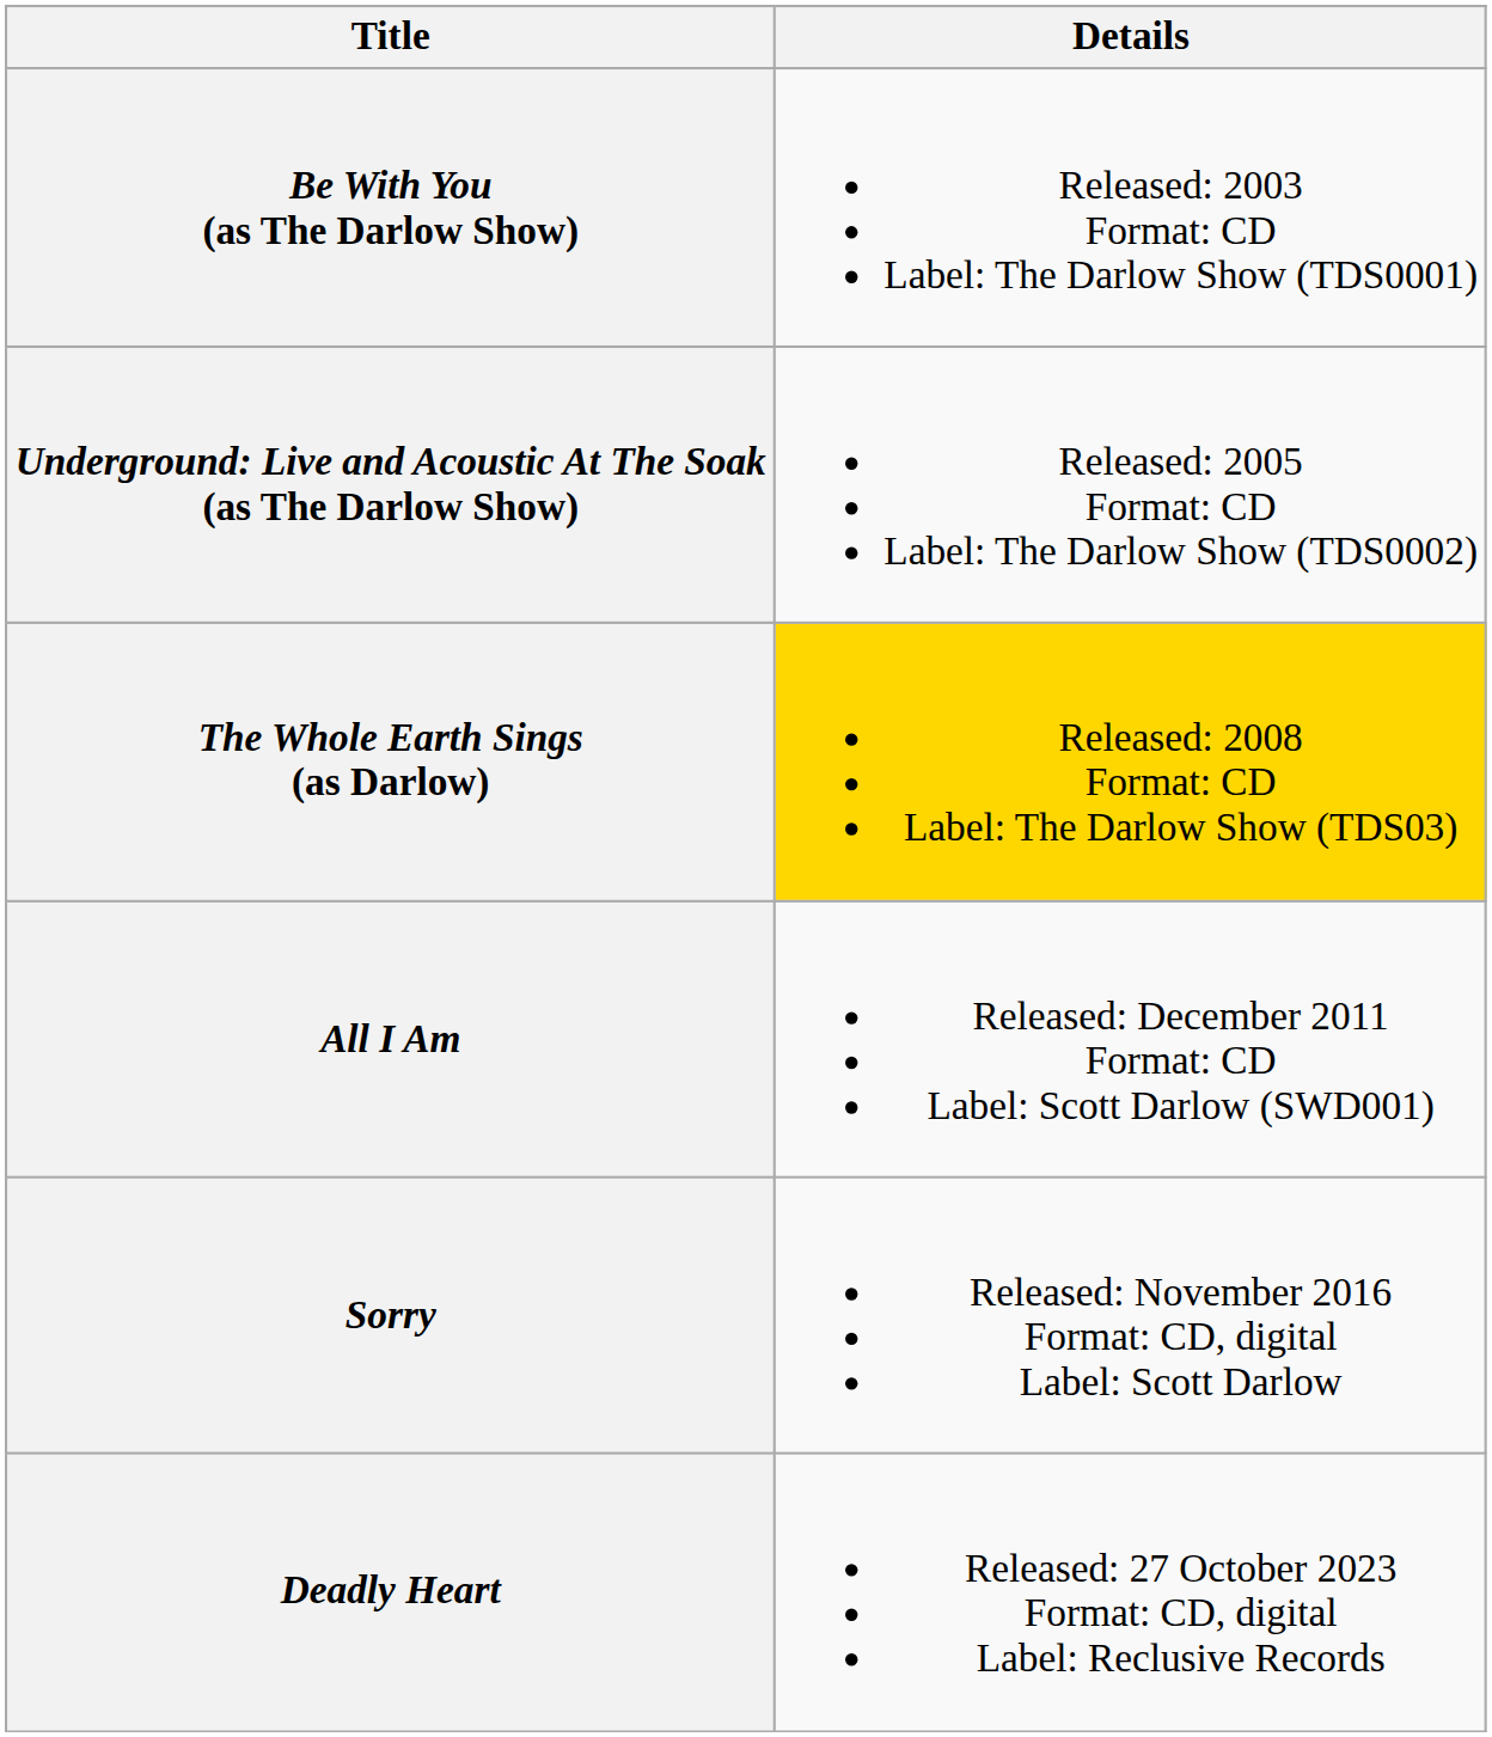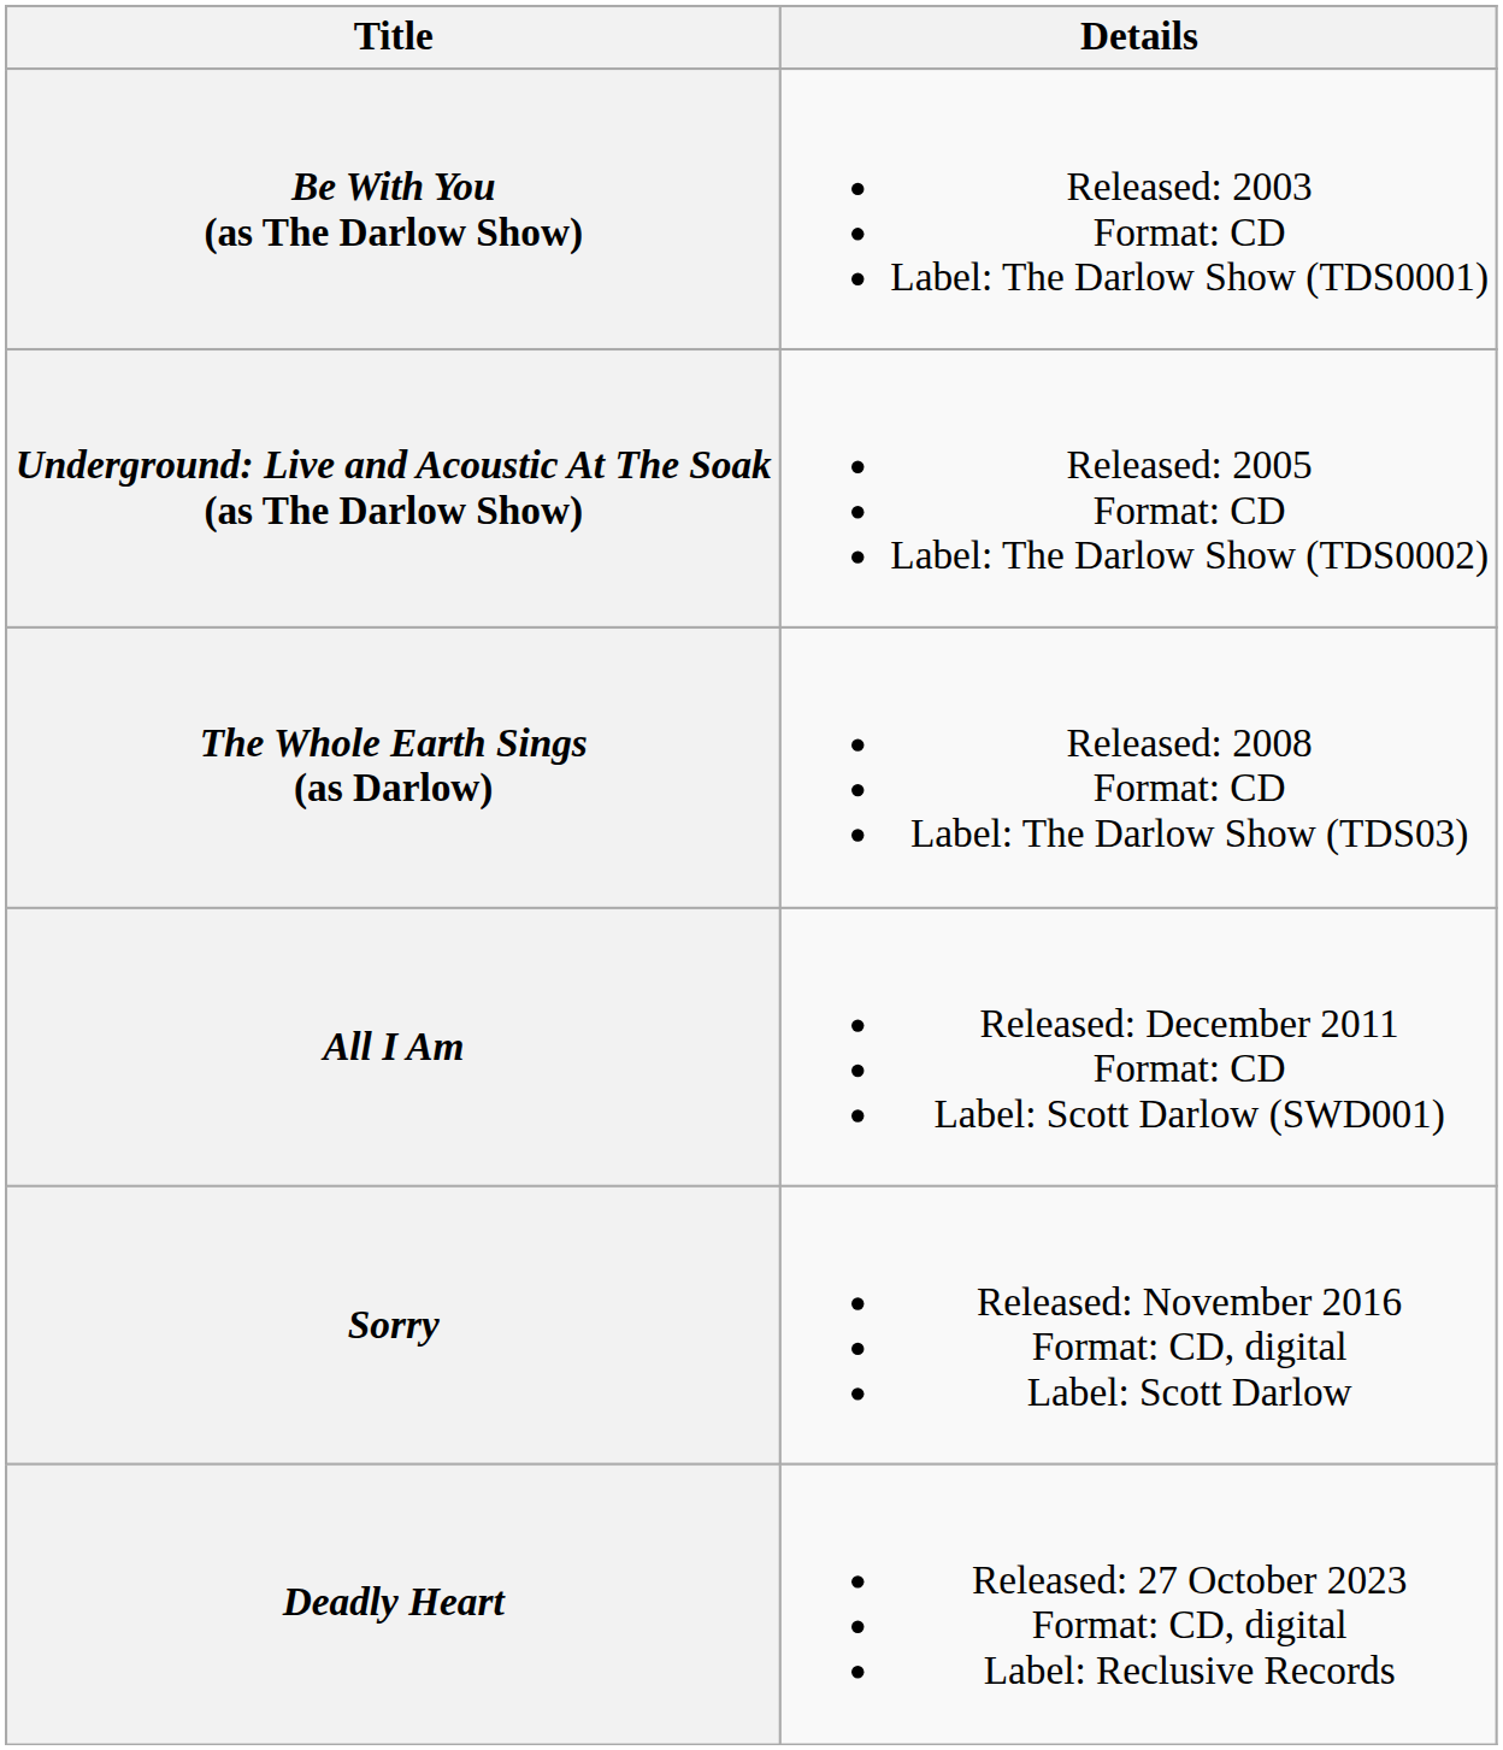 <table class="wikitable plainrowheaders" style="text-align:center;" border="1">
 <tr>
 <th>Title</th>
 <th>Details</th>
 </tr>
 <tr>
 <th scope="row"><em>Be With You</em> <br>(as The Darlow Show)</th>
 <td><br><ul><li>Released: 2003</li><li>Format: CD</li><li>Label: The Darlow Show (TDS0001)</li></ul></td>
 </tr>
 <tr>
 <th scope="row"><em>Underground: Live and Acoustic At The Soak</em> <br>(as The Darlow Show)</th>
 <td><br><ul><li>Released: 2005</li><li>Format: CD</li><li>Label: The Darlow Show (TDS0002)</li></ul></td>
 </tr>
 <tr>
 <th scope="row"><em>The Whole Earth Sings</em> <br>(as Darlow)</th>
-<td style="background: gold;"><br><ul><li>Released: 2008</li><li>Format: CD</li><li>Label: The Darlow Show (TDS03)</li></ul></td>
+<td><br><ul><li>Released: 2008</li><li>Format: CD</li><li>Label: The Darlow Show (TDS03)</li></ul></td>
 </tr>
 <tr>
 <th scope="row"><em>All I Am</em></th>
 <td><br><ul><li>Released: December 2011</li><li>Format: CD</li><li>Label: Scott Darlow (SWD001)</li></ul></td>
 </tr>
 <tr>
 <th scope="row"><em>Sorry</em></th>
 <td><br><ul><li>Released: November 2016</li><li>Format: CD, digital</li><li>Label: Scott Darlow</li></ul></td>
 </tr>
 <tr>
 <th scope="row"><em>Deadly Heart</em></th>
 <td><br><ul><li>Released: 27 October 2023</li><li>Format: CD, digital</li><li>Label: Reclusive Records</li></ul></td>
 </tr>
 </table>
